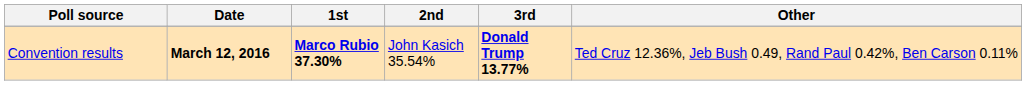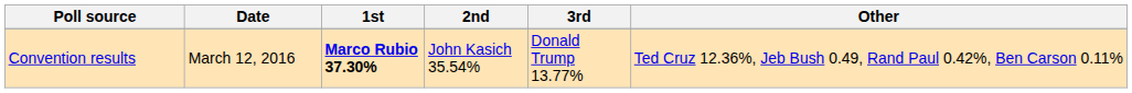 <table class="wikitable">
 <tr>
 <th style="width:180px;">Poll source</th>
 <th style="width:135px;">Date</th>
 <th style="width:100px;">1st</th>
 <th style="width:100px;">2nd</th>
 <th style="width:100px;">3rd</th>
 <th>Other</th>
 </tr>
 <tr>
 </tr>
 <tr style="background:Moccasin;">
 <td><a href='#'>Convention results</a></td>
-<td><strong>March 12, 2016</strong></td>
+<td>March 12, 2016</td>
 <td><strong><a href='#'>Marco Rubio</a><br>37.30%</strong></td>
 <td><a href='#'>John Kasich</a><br>35.54%</td>
-<td><strong><a href='#'>Donald Trump</a><br>13.77%</strong></td>
+<td><a href='#'>Donald Trump</a><br>13.77%</td>
 <td><a href='#'>Ted Cruz</a> 12.36%, <a href='#'>Jeb Bush</a> 0.49, <a href='#'>Rand Paul</a> 0.42%, <a href='#'>Ben Carson</a> 0.11%</td>
 </tr>
 </table>
